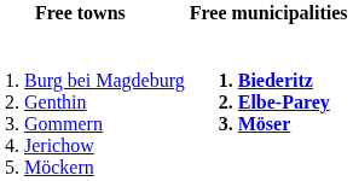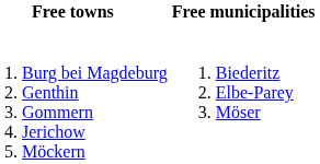 <table>
 <tr ---->
 <th>Free towns</th>
 <th>Free municipalities</th>
 </tr>
 <tr>
 <td valign=top><br><ol><li><a href='#'>Burg bei Magdeburg</a></li><li><a href='#'>Genthin</a></li><li><a href='#'>Gommern</a></li><li><a href='#'>Jerichow</a></li><li><a href='#'>Möckern</a></li></ol></td>
-<td valign=top><strong><br><ol><li><a href='#'>Biederitz</a></li><li><a href='#'>Elbe-Parey</a></li><li><a href='#'>Möser</a></li></ol></strong></td>
+<td valign=top><br><ol><li><a href='#'>Biederitz</a></li><li><a href='#'>Elbe-Parey</a></li><li><a href='#'>Möser</a></li></ol></td>
 </tr>
 </table>
